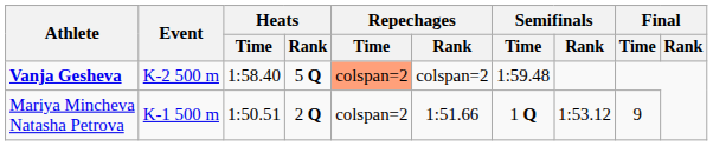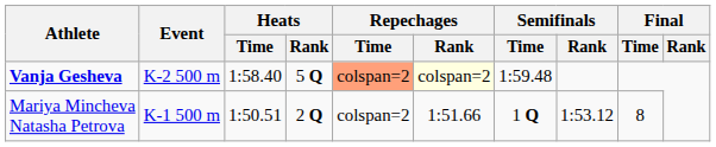 <table class="wikitable" style="font-size:90%; text-align:center;">
 <tr>
 <th rowspan=2>Athlete</th>
 <th rowspan=2>Event</th>
 <th colspan=2>Heats</th>
 <th colspan=2>Repechages</th>
 <th colspan=2>Semifinals</th>
 <th colspan=2>Final</th>
 </tr>
 <tr style="font-size:95%">
 <th>Time</th>
 <th>Rank</th>
 <th>Time</th>
 <th>Rank</th>
 <th>Time</th>
 <th>Rank</th>
 <th>Time</th>
 <th>Rank</th>
 </tr>
 <tr>
 <td align=left><strong><a href='#'>Vanja Gesheva</a></strong></td>
 <td align=left><a href='#'>K-2 500 m</a></td>
 <td>1:58.40</td>
 <td>5 <strong>Q</strong></td>
 <td style="background: lightsalmon;">colspan=2 </td>
-<td>colspan=2 </td>
+<td style="background: lightyellow;">colspan=2 </td>
 <td>1:59.48</td>
 <td></td>
 </tr>
 <tr>
 <td align=left><a href='#'>Mariya Mincheva</a><br><a href='#'>Natasha Petrova</a></td>
 <td align=left><a href='#'>K-1 500 m</a></td>
 <td>1:50.51</td>
 <td>2 <strong>Q</strong></td>
 <td>colspan=2 </td>
 <td>1:51.66</td>
 <td>1 <strong>Q</strong></td>
 <td>1:53.12</td>
-<td>9</td>
+<td>8</td>
 </tr>
 </table>
